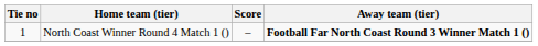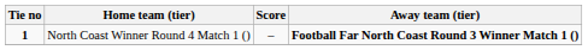 <table class="wikitable" style="text-align:center">
 <tr>
 <th>Tie no</th>
 <th>Home team (tier)</th>
 <th>Score</th>
 <th>Away team (tier)</th>
 </tr>
 <tr>
-<td>1</td>
+<td><strong>1</strong></td>
 <td>North Coast Winner Round 4 Match 1 ()</td>
 <td>–</td>
 <td><strong>Football Far North Coast Round 3 Winner Match 1 ()</strong></td>
 </tr>
 <tr>
 </tr>
 </table>
